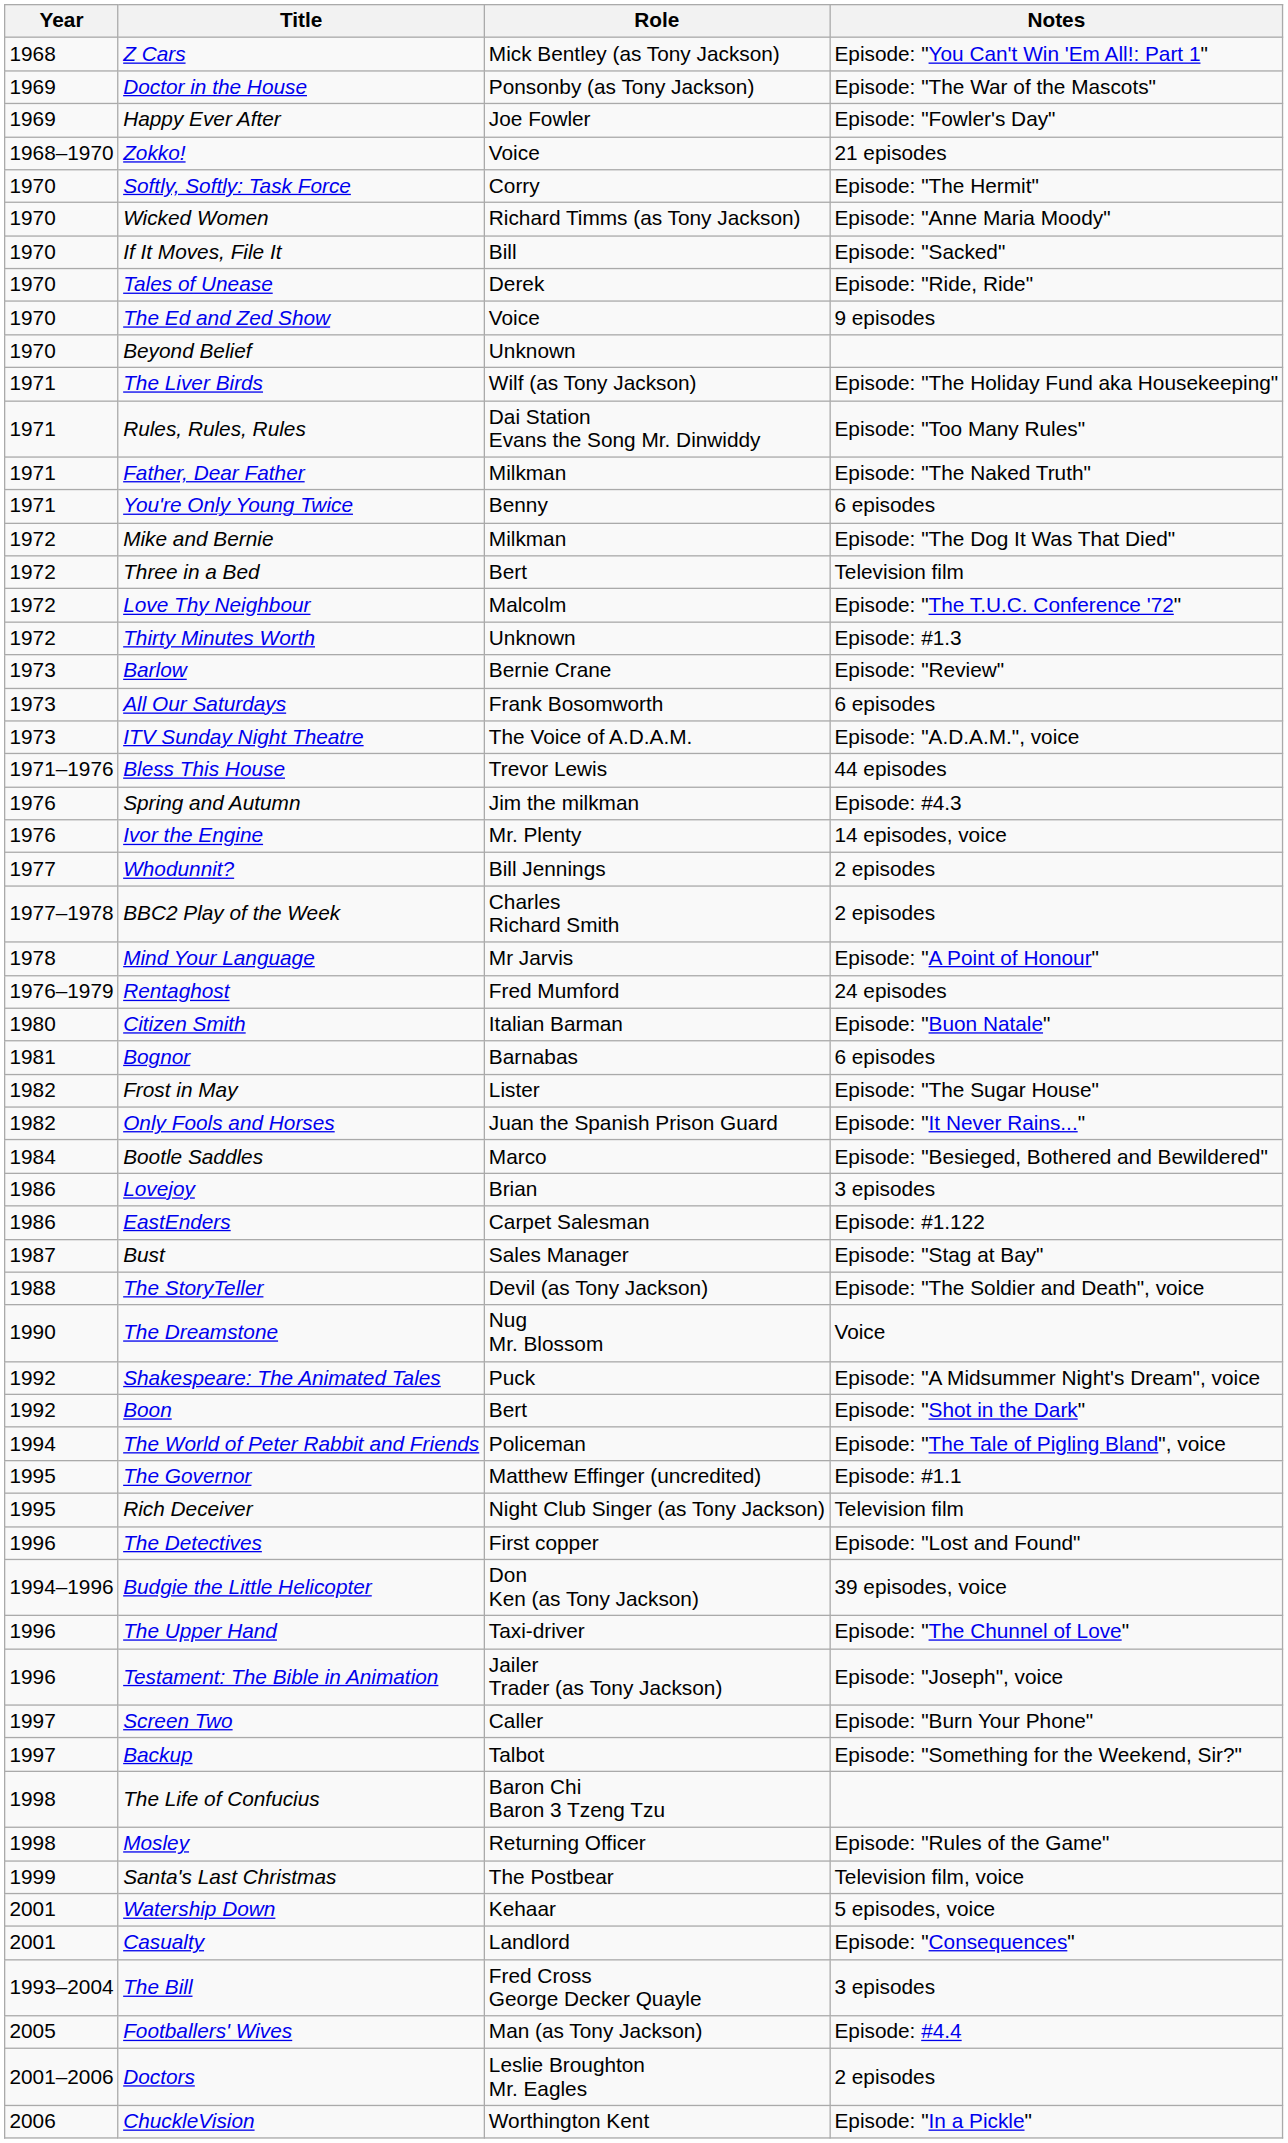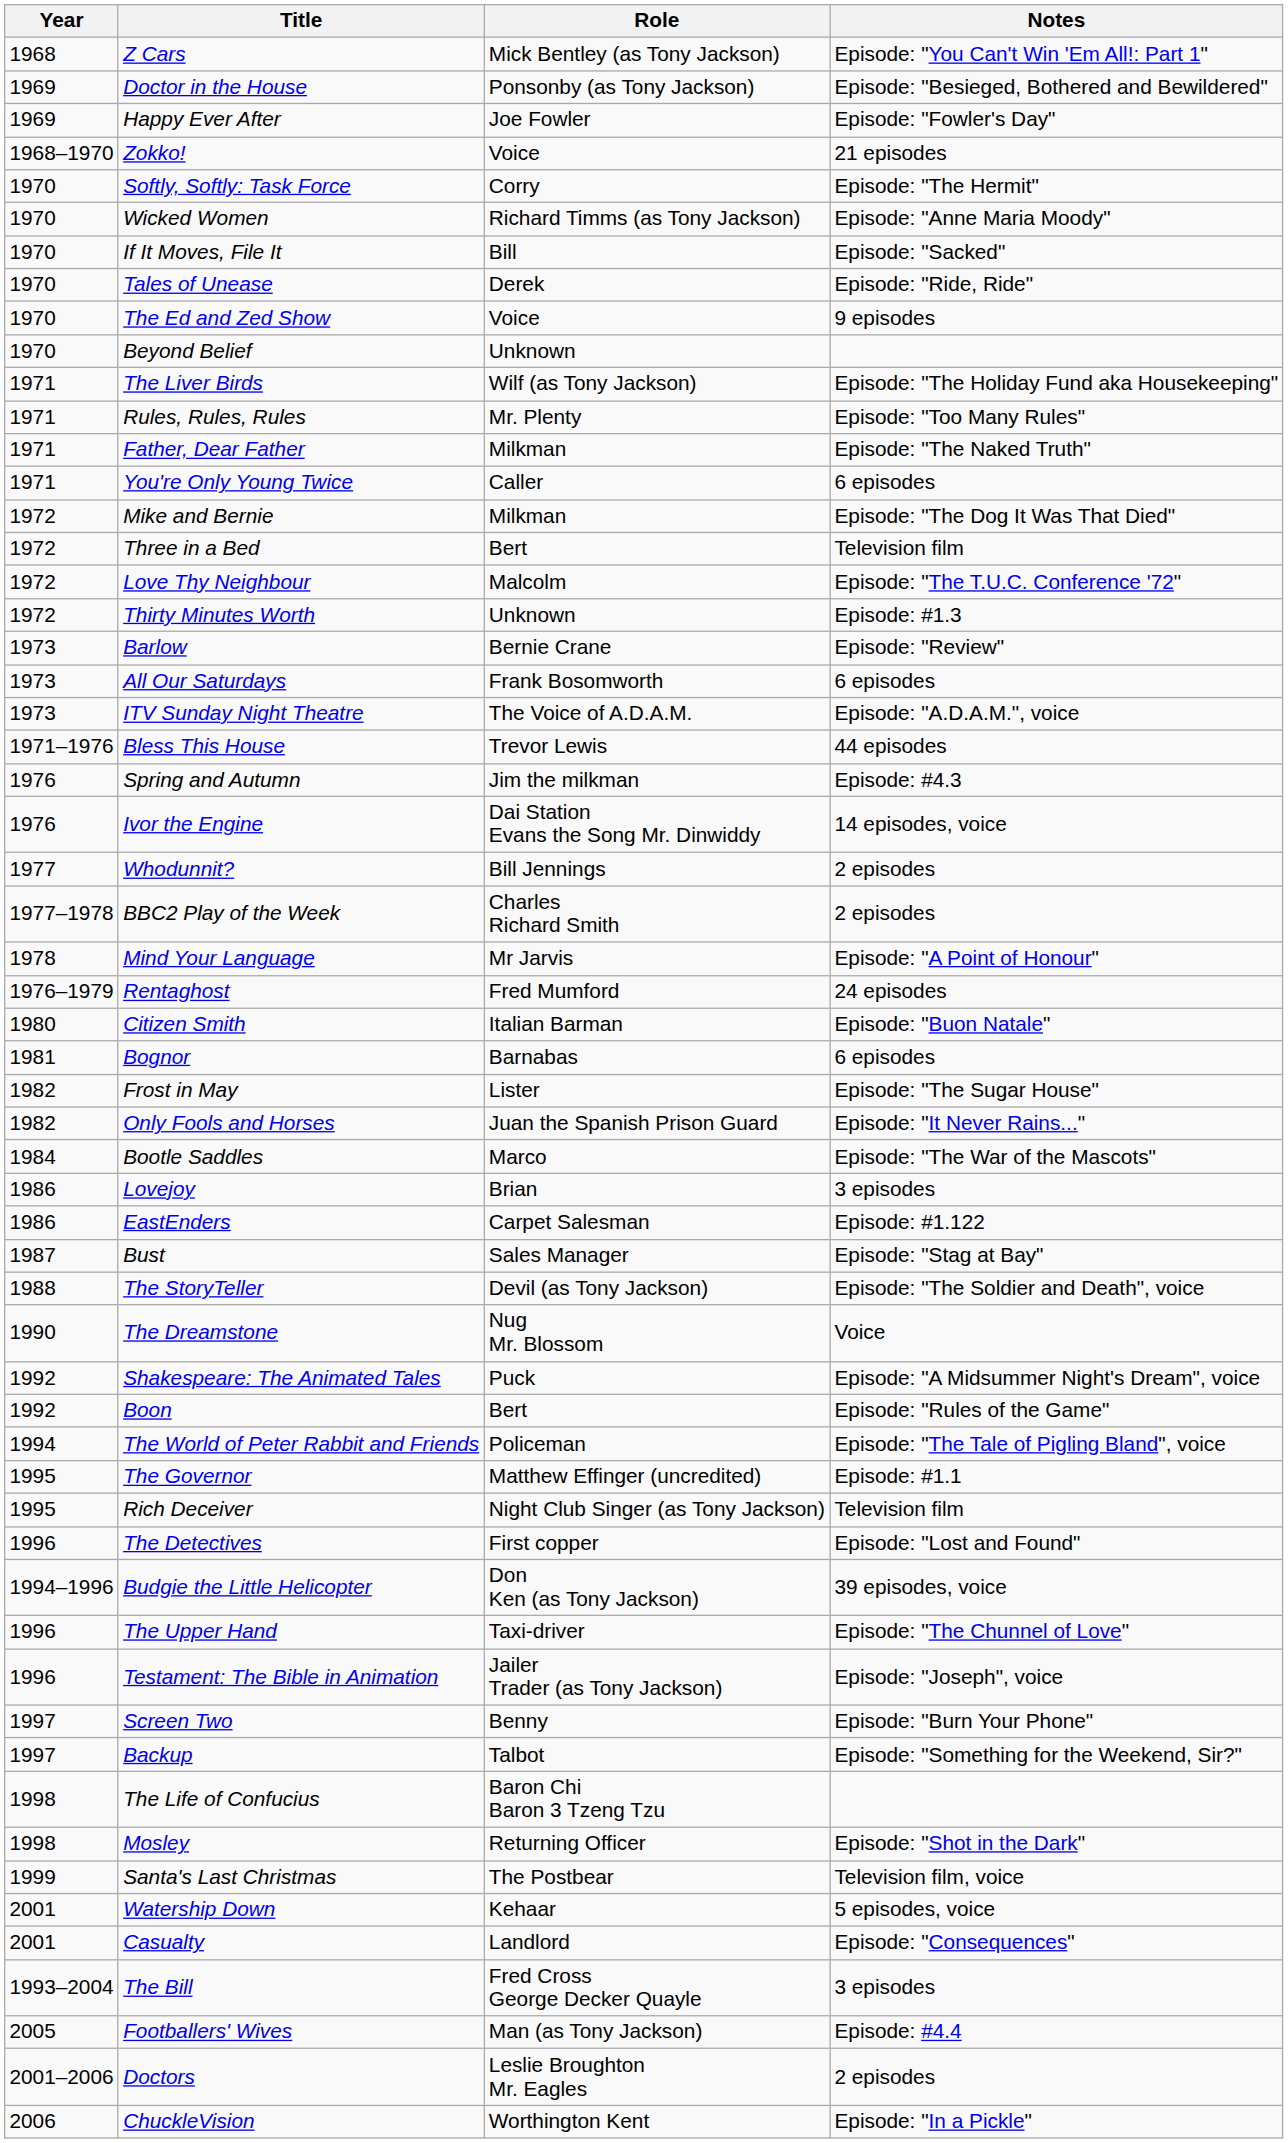 <table class="wikitable sortable">
 <tr>
 <th>Year</th>
 <th>Title</th>
 <th>Role</th>
 <th class="unsortable">Notes</th>
 </tr>
 <tr>
 <td>1968</td>
 <td><em><a href='#'>Z Cars</a></em></td>
 <td>Mick Bentley (as Tony Jackson)</td>
 <td>Episode: "<a href='#'>You Can't Win 'Em All!: Part 1</a>"</td>
 </tr>
 <tr>
 <td>1969</td>
 <td><em><a href='#'>Doctor in the House</a></em></td>
 <td>Ponsonby (as Tony Jackson)</td>
-<td>Episode: "The War of the Mascots"</td>
+<td>Episode: "Besieged, Bothered and Bewildered"</td>
 </tr>
 <tr>
 <td>1969</td>
 <td><em>Happy Ever After</em></td>
 <td>Joe Fowler</td>
 <td>Episode: "Fowler's Day"</td>
 </tr>
 <tr>
 <td>1968–1970</td>
 <td><em><a href='#'>Zokko!</a></em></td>
 <td>Voice</td>
 <td>21 episodes</td>
 </tr>
 <tr>
 <td>1970</td>
 <td><em><a href='#'>Softly, Softly: Task Force</a></em></td>
 <td>Corry</td>
 <td>Episode: "The Hermit"</td>
 </tr>
 <tr>
 <td>1970</td>
 <td><em>Wicked Women</em></td>
 <td>Richard Timms (as Tony Jackson)</td>
 <td>Episode: "Anne Maria Moody"</td>
 </tr>
 <tr>
 <td>1970</td>
 <td><em>If It Moves, File It</em></td>
 <td>Bill</td>
 <td>Episode: "Sacked"</td>
 </tr>
 <tr>
 <td>1970</td>
 <td><em><a href='#'>Tales of Unease</a></em></td>
 <td>Derek</td>
 <td>Episode: "Ride, Ride"</td>
 </tr>
 <tr>
 <td>1970</td>
 <td><em><a href='#'>The Ed and Zed Show</a></em></td>
 <td>Voice</td>
 <td>9 episodes</td>
 </tr>
 <tr>
 <td>1970</td>
 <td><em>Beyond Belief</em></td>
 <td>Unknown</td>
 <td></td>
 </tr>
 <tr>
 <td>1971</td>
 <td><em><a href='#'>The Liver Birds</a></em></td>
 <td>Wilf (as Tony Jackson)</td>
 <td>Episode: "The Holiday Fund aka Housekeeping"</td>
 </tr>
 <tr>
 <td>1971</td>
 <td><em>Rules, Rules, Rules</em></td>
-<td>Dai Station<br>Evans the Song Mr. Dinwiddy</td>
+<td>Mr. Plenty</td>
 <td>Episode: "Too Many Rules"</td>
 </tr>
 <tr>
 <td>1971</td>
 <td><em><a href='#'>Father, Dear Father</a></em></td>
 <td>Milkman</td>
 <td>Episode: "The Naked Truth"</td>
 </tr>
 <tr>
 <td>1971</td>
 <td><a href='#'><em>You're Only Young Twice</em></a></td>
-<td>Benny</td>
+<td>Caller</td>
 <td>6 episodes</td>
 </tr>
 <tr>
 <td>1972</td>
 <td><em>Mike and Bernie</em></td>
 <td>Milkman</td>
 <td>Episode: "The Dog It Was That Died"</td>
 </tr>
 <tr>
 <td>1972</td>
 <td><em>Three in a Bed</em></td>
 <td>Bert</td>
 <td>Television film</td>
 </tr>
 <tr>
 <td>1972</td>
 <td><em><a href='#'>Love Thy Neighbour</a></em></td>
 <td>Malcolm</td>
 <td>Episode: "<a href='#'>The T.U.C. Conference '72</a>"</td>
 </tr>
 <tr>
 <td>1972</td>
 <td><em><a href='#'>Thirty Minutes Worth</a></em></td>
 <td>Unknown</td>
 <td>Episode: #1.3</td>
 </tr>
 <tr>
 <td>1973</td>
 <td><em><a href='#'>Barlow</a></em></td>
 <td>Bernie Crane</td>
 <td>Episode: "Review"</td>
 </tr>
 <tr>
 <td>1973</td>
 <td><em><a href='#'>All Our Saturdays</a></em></td>
 <td>Frank Bosomworth</td>
 <td>6 episodes</td>
 </tr>
 <tr>
 <td>1973</td>
 <td><em><a href='#'>ITV Sunday Night Theatre</a></em></td>
 <td>The Voice of A.D.A.M.</td>
 <td>Episode: "A.D.A.M.", voice</td>
 </tr>
 <tr>
 <td>1971–1976</td>
 <td><em><a href='#'>Bless This House</a></em></td>
 <td>Trevor Lewis</td>
 <td>44 episodes</td>
 </tr>
 <tr>
 <td>1976</td>
 <td><em>Spring and Autumn</em></td>
 <td>Jim the milkman</td>
 <td>Episode: #4.3</td>
 </tr>
 <tr>
 <td>1976</td>
 <td><em><a href='#'>Ivor the Engine</a></em></td>
-<td>Mr. Plenty</td>
+<td>Dai Station<br>Evans the Song Mr. Dinwiddy</td>
 <td>14 episodes, voice</td>
 </tr>
 <tr>
 <td>1977</td>
 <td><em><a href='#'>Whodunnit?</a></em></td>
 <td>Bill Jennings</td>
 <td>2 episodes</td>
 </tr>
 <tr>
 <td>1977–1978</td>
 <td><em>BBC2 Play of the Week</em></td>
 <td>Charles<br>Richard Smith</td>
 <td>2 episodes</td>
 </tr>
 <tr>
 <td>1978</td>
 <td><em><a href='#'>Mind Your Language</a></em></td>
 <td>Mr Jarvis</td>
 <td>Episode: "<a href='#'>A Point of Honour</a>"</td>
 </tr>
 <tr>
 <td>1976–1979</td>
 <td><em><a href='#'>Rentaghost</a></em></td>
 <td>Fred Mumford</td>
 <td>24 episodes</td>
 </tr>
 <tr>
 <td>1980</td>
 <td><em><a href='#'>Citizen Smith</a></em></td>
 <td>Italian Barman</td>
 <td>Episode: "<a href='#'>Buon Natale</a>"</td>
 </tr>
 <tr>
 <td>1981</td>
 <td><em><a href='#'>Bognor</a></em></td>
 <td>Barnabas</td>
 <td>6 episodes</td>
 </tr>
 <tr>
 <td>1982</td>
 <td><em>Frost in May</em></td>
 <td>Lister</td>
 <td>Episode: "The Sugar House"</td>
 </tr>
 <tr>
 <td>1982</td>
 <td><em><a href='#'>Only Fools and Horses</a></em></td>
 <td>Juan the Spanish Prison Guard</td>
 <td>Episode: "<a href='#'>It Never Rains...</a>"</td>
 </tr>
 <tr>
 <td>1984</td>
 <td><em>Bootle Saddles</em></td>
 <td>Marco</td>
-<td>Episode: "Besieged, Bothered and Bewildered"</td>
+<td>Episode: "The War of the Mascots"</td>
 </tr>
 <tr>
 <td>1986</td>
 <td><em><a href='#'>Lovejoy</a></em></td>
 <td>Brian</td>
 <td>3 episodes</td>
 </tr>
 <tr>
 <td>1986</td>
 <td><em><a href='#'>EastEnders</a></em></td>
 <td>Carpet Salesman</td>
 <td>Episode: #1.122</td>
 </tr>
 <tr>
 <td>1987</td>
 <td><em>Bust</em></td>
 <td>Sales Manager</td>
 <td>Episode: "Stag at Bay"</td>
 </tr>
 <tr>
 <td>1988</td>
 <td><em><a href='#'>The StoryTeller</a></em></td>
 <td>Devil (as Tony Jackson)</td>
 <td>Episode: "The Soldier and Death", voice</td>
 </tr>
 <tr>
 <td>1990</td>
 <td><em><a href='#'>The Dreamstone</a></em></td>
 <td>Nug<br>Mr. Blossom</td>
 <td>Voice</td>
 </tr>
 <tr>
 <td>1992</td>
 <td><em><a href='#'>Shakespeare: The Animated Tales</a></em></td>
 <td>Puck</td>
 <td>Episode: "A Midsummer Night's Dream", voice</td>
 </tr>
 <tr>
 <td>1992</td>
 <td><em><a href='#'>Boon</a></em></td>
 <td>Bert</td>
-<td>Episode: "<a href='#'>Shot in the Dark</a>"</td>
+<td>Episode: "Rules of the Game"</td>
 </tr>
 <tr>
 <td>1994</td>
 <td><em><a href='#'>The World of Peter Rabbit and Friends</a></em></td>
 <td>Policeman</td>
 <td>Episode: "<a href='#'>The Tale of Pigling Bland</a>", voice</td>
 </tr>
 <tr>
 <td>1995</td>
 <td><em><a href='#'>The Governor</a></em></td>
 <td>Matthew Effinger (uncredited)</td>
 <td>Episode: #1.1</td>
 </tr>
 <tr>
 <td>1995</td>
 <td><em>Rich Deceiver</em></td>
 <td>Night Club Singer (as Tony Jackson)</td>
 <td>Television film</td>
 </tr>
 <tr>
 <td>1996</td>
 <td><em><a href='#'>The Detectives</a></em></td>
 <td>First copper</td>
 <td>Episode: "Lost and Found"</td>
 </tr>
 <tr>
 <td>1994–1996</td>
 <td><em><a href='#'>Budgie the Little Helicopter</a></em></td>
 <td>Don<br>Ken (as Tony Jackson)</td>
 <td>39 episodes, voice</td>
 </tr>
 <tr>
 <td>1996</td>
 <td><em><a href='#'>The Upper Hand</a></em></td>
 <td>Taxi-driver</td>
 <td>Episode: "<a href='#'>The Chunnel of Love</a>"</td>
 </tr>
 <tr>
 <td>1996</td>
 <td><em><a href='#'>Testament: The Bible in Animation</a></em></td>
 <td>Jailer<br>Trader (as Tony Jackson)</td>
 <td>Episode: "Joseph", voice</td>
 </tr>
 <tr>
 <td>1997</td>
 <td><em><a href='#'>Screen Two</a></em></td>
-<td>Caller</td>
+<td>Benny</td>
 <td>Episode: "Burn Your Phone"</td>
 </tr>
 <tr>
 <td>1997</td>
 <td><em><a href='#'>Backup</a></em></td>
 <td>Talbot</td>
 <td>Episode: "Something for the Weekend, Sir?"</td>
 </tr>
 <tr>
 <td>1998</td>
 <td><em>The Life of Confucius</em></td>
 <td>Baron Chi<br>Baron 3 Tzeng Tzu</td>
 <td></td>
 </tr>
 <tr>
 <td>1998</td>
 <td><em><a href='#'>Mosley</a></em></td>
 <td>Returning Officer</td>
-<td>Episode: "Rules of the Game"</td>
+<td>Episode: "<a href='#'>Shot in the Dark</a>"</td>
 </tr>
 <tr>
 <td>1999</td>
 <td><em>Santa's Last Christmas</em></td>
 <td>The Postbear</td>
 <td>Television film, voice</td>
 </tr>
 <tr>
 <td>2001</td>
 <td><em><a href='#'>Watership Down</a></em></td>
 <td>Kehaar</td>
 <td>5 episodes, voice</td>
 </tr>
 <tr>
 <td>2001</td>
 <td><em><a href='#'>Casualty</a></em></td>
 <td>Landlord</td>
 <td>Episode: "<a href='#'>Consequences</a>"</td>
 </tr>
 <tr>
 <td>1993–2004</td>
 <td><em><a href='#'>The Bill</a></em></td>
 <td>Fred Cross<br>George Decker Quayle</td>
 <td>3 episodes</td>
 </tr>
 <tr>
 <td>2005</td>
 <td><em><a href='#'>Footballers' Wives</a></em></td>
 <td>Man (as Tony Jackson)</td>
 <td>Episode: <a href='#'>#4.4</a></td>
 </tr>
 <tr>
 <td>2001–2006</td>
 <td><em><a href='#'>Doctors</a></em></td>
 <td>Leslie Broughton<br>Mr. Eagles</td>
 <td>2 episodes</td>
 </tr>
 <tr>
 <td>2006</td>
 <td><em><a href='#'>ChuckleVision</a></em></td>
 <td>Worthington Kent</td>
 <td>Episode: "<a href='#'>In a Pickle</a>"</td>
 </tr>
 </table>
